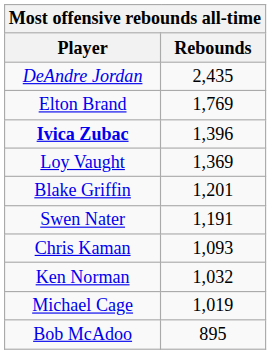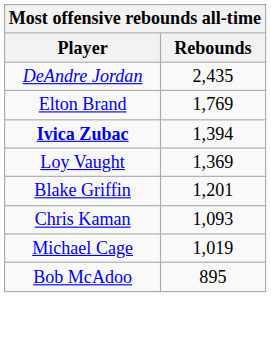 <table class="wikitable sortable" style="text-align:center">
 <tr>
 <th colspan="2">Most offensive rebounds all-time</th>
 </tr>
 <tr>
 <th>Player</th>
 <th>Rebounds</th>
 </tr>
 <tr>
 <td><em><a href='#'>DeAndre Jordan</a></em></td>
 <td>2,435</td>
 </tr>
 <tr>
 <td><a href='#'>Elton Brand</a></td>
 <td>1,769</td>
 </tr>
 <tr>
 <td><strong><a href='#'>Ivica Zubac</a></strong></td>
-<td>1,396</td>
+<td>1,394</td>
 </tr>
 <tr>
 <td><a href='#'>Loy Vaught</a></td>
 <td>1,369</td>
 </tr>
 <tr>
 <td><a href='#'>Blake Griffin</a></td>
 <td>1,201</td>
 </tr>
 <tr>
-<td><a href='#'>Swen Nater</a></td>
-<td>1,191</td>
-</tr>
-<tr>
 <td><a href='#'>Chris Kaman</a></td>
 <td>1,093</td>
-</tr>
-<tr>
-<td><a href='#'>Ken Norman</a></td>
-<td>1,032</td>
 </tr>
 <tr>
 <td><a href='#'>Michael Cage</a></td>
 <td>1,019</td>
 </tr>
 <tr>
 <td><a href='#'>Bob McAdoo</a></td>
 <td>895</td>
 </tr>
 </table>
